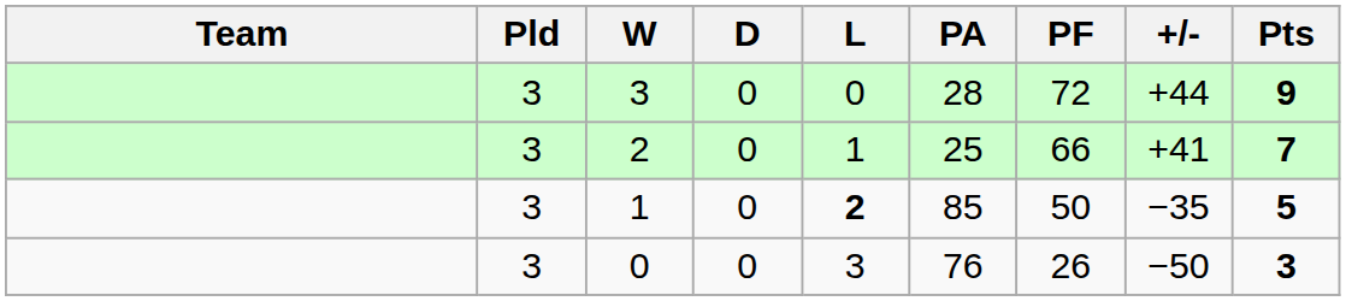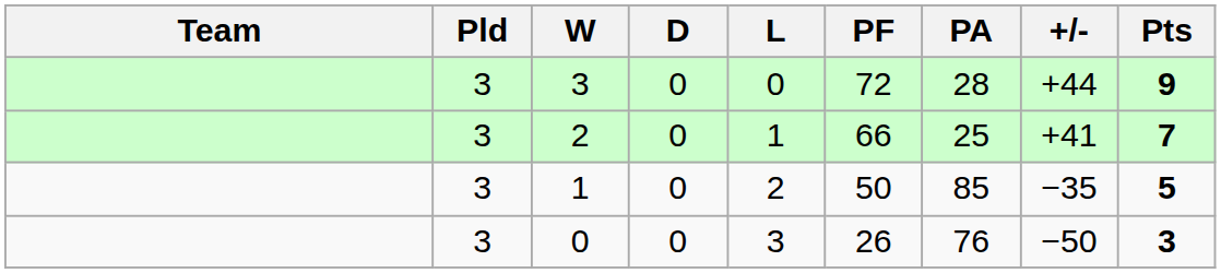 <table class="wikitable" style="text-align: center;">
 <tr>
 <th width="200">Team</th>
 <th width="40">Pld</th>
 <th width="40">W</th>
 <th width="40">D</th>
 <th width="40">L</th>
+<th width="40">PF</th>
 <th width="40">PA</th>
-<th width="40">PF</th>
 <th width="40">+/-</th>
 <th width="40">Pts</th>
 </tr>
 <tr bgcolor=ccffcc>
 <td align=left></td>
 <td>3</td>
 <td>3</td>
 <td>0</td>
 <td>0</td>
+<td>72</td>
 <td>28</td>
-<td>72</td>
 <td>+44</td>
 <td><strong>9</strong></td>
 </tr>
 <tr bgcolor=ccffcc>
 <td align=left></td>
 <td>3</td>
 <td>2</td>
 <td>0</td>
 <td>1</td>
+<td>66</td>
 <td>25</td>
-<td>66</td>
 <td>+41</td>
 <td><strong>7</strong></td>
 </tr>
 <tr>
 <td align=left></td>
 <td>3</td>
 <td>1</td>
 <td>0</td>
-<td><strong>2</strong></td>
+<td>2</td>
+<td>50</td>
 <td>85</td>
-<td>50</td>
 <td>−35</td>
 <td><strong>5</strong></td>
 </tr>
 <tr>
 <td align=left></td>
 <td>3</td>
 <td>0</td>
 <td>0</td>
 <td>3</td>
+<td>26</td>
 <td>76</td>
-<td>26</td>
 <td>−50</td>
 <td><strong>3</strong></td>
 </tr>
 </table>
